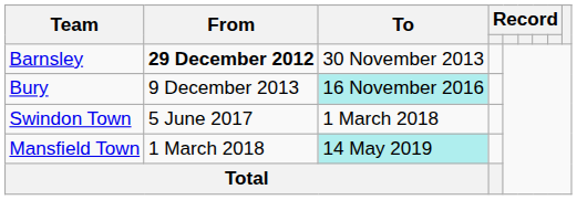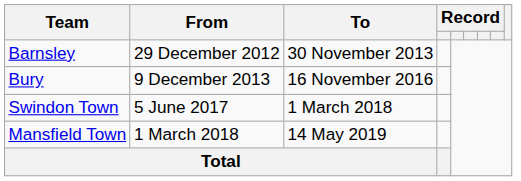 <table class=wikitable style="text-align: left">
 <tr>
 <th rowspan=2>Team</th>
 <th rowspan=2>From</th>
 <th rowspan=2>To</th>
 <th colspan=5>Record</th>
 <th rowspan=2></th>
 </tr>
 <tr>
 <th></th>
 <th></th>
 <th></th>
 <th></th>
 <th></th>
 </tr>
 <tr>
 <td><a href='#'>Barnsley</a></td>
-<td><strong>29 December 2012</strong></td>
+<td>29 December 2012</td>
 <td>30 November 2013<br></td>
 <td style="text-align:center"></td>
 </tr>
 <tr>
 <td><a href='#'>Bury</a></td>
 <td>9 December 2013</td>
-<td style="background: paleturquoise;">16 November 2016<br></td>
+<td>16 November 2016<br></td>
 <td style="text-align:center"></td>
 </tr>
 <tr>
 <td><a href='#'>Swindon Town</a></td>
 <td>5 June 2017</td>
 <td>1 March 2018<br></td>
 <td style="text-align:center"></td>
 </tr>
 <tr>
 <td><a href='#'>Mansfield Town</a></td>
 <td>1 March 2018</td>
-<td style="background: paleturquoise;">14 May 2019<br></td>
+<td>14 May 2019<br></td>
 <td style="text-align:center"></td>
 </tr>
 <tr>
 <th colspan=3>Total<br></th>
 <th></th>
 </tr>
 </table>
